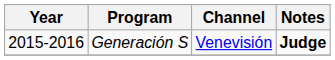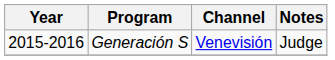 <table class="wikitable" style="font-size: 90%;">
 <tr>
 <th>Year</th>
 <th>Program</th>
 <th>Channel</th>
 <th>Notes</th>
 </tr>
 <tr>
 <td>2015-2016</td>
 <td><em>Generación S</em></td>
 <td><a href='#'>Venevisión</a></td>
-<td><strong>Judge</strong></td>
+<td>Judge</td>
 </tr>
 <tr>
 </tr>
 </table>
